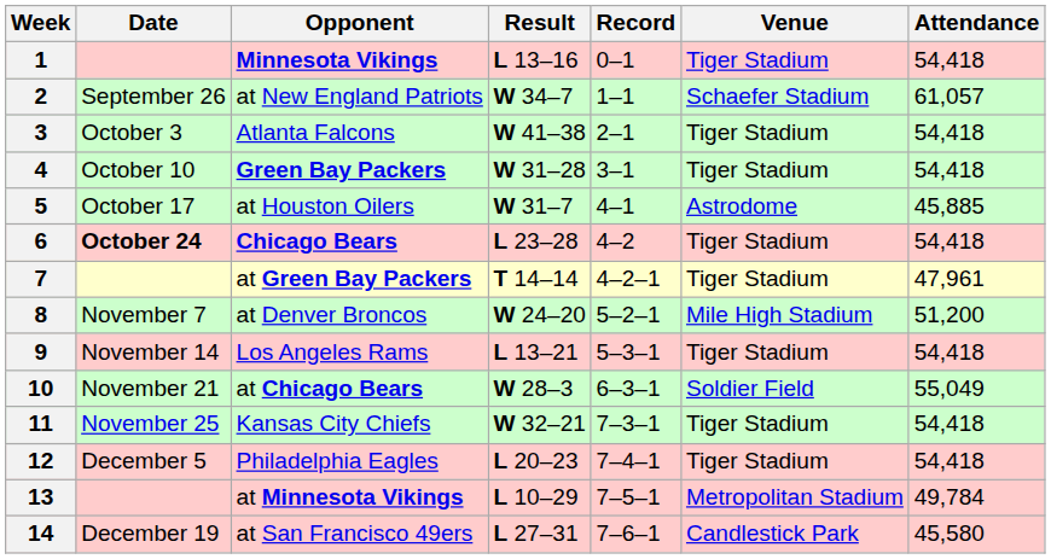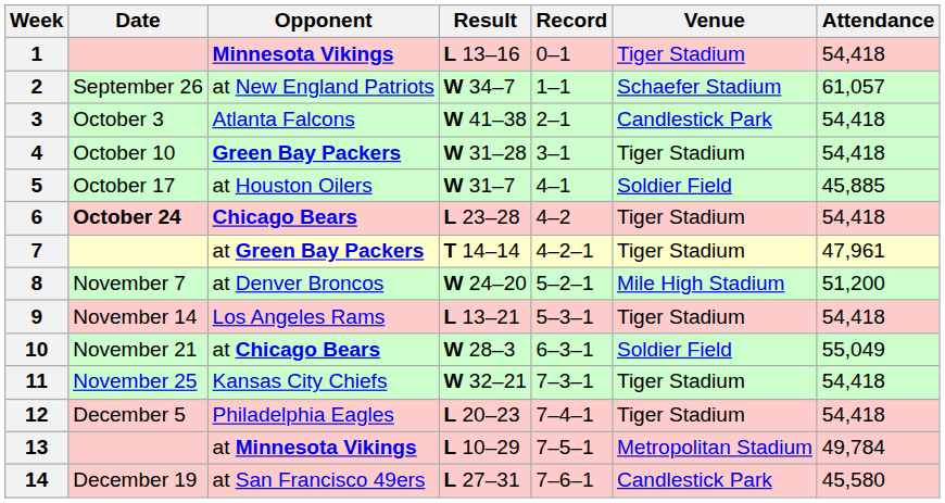 <table class="wikitable">
 <tr>
 <th>Week</th>
 <th>Date</th>
 <th>Opponent</th>
 <th>Result</th>
 <th>Record</th>
 <th>Venue</th>
 <th>Attendance</th>
 </tr>
 <tr style="background:#fcc">
 <th>1</th>
 <td></td>
 <td><strong><a href='#'>Minnesota Vikings</a></strong></td>
 <td><strong>L</strong> 13–16</td>
 <td>0–1</td>
 <td><a href='#'>Tiger Stadium</a></td>
 <td>54,418</td>
 </tr>
 <tr style="background:#cfc">
 <th>2</th>
 <td>September 26</td>
 <td>at <a href='#'>New England Patriots</a></td>
 <td><strong>W</strong> 34–7</td>
 <td>1–1</td>
 <td><a href='#'>Schaefer Stadium</a></td>
 <td>61,057</td>
 </tr>
 <tr style="background:#cfc">
 <th>3</th>
 <td>October 3</td>
 <td><a href='#'>Atlanta Falcons</a></td>
 <td><strong>W</strong> 41–38</td>
 <td>2–1</td>
-<td>Tiger Stadium</td>
+<td><a href='#'>Candlestick Park</a></td>
 <td>54,418</td>
 </tr>
 <tr style="background:#cfc">
 <th>4</th>
 <td>October 10</td>
 <td><strong><a href='#'>Green Bay Packers</a></strong></td>
 <td><strong>W</strong> 31–28</td>
 <td>3–1</td>
 <td>Tiger Stadium</td>
 <td>54,418</td>
 </tr>
 <tr style="background:#cfc">
 <th>5</th>
 <td>October 17</td>
 <td>at <a href='#'>Houston Oilers</a></td>
 <td><strong>W</strong> 31–7</td>
 <td>4–1</td>
-<td><a href='#'>Astrodome</a></td>
+<td><a href='#'>Soldier Field</a></td>
 <td>45,885</td>
 </tr>
 <tr style="background:#fcc">
 <th>6</th>
 <td><strong>October 24</strong></td>
 <td><strong><a href='#'>Chicago Bears</a></strong></td>
 <td><strong>L</strong> 23–28</td>
 <td>4–2</td>
 <td>Tiger Stadium</td>
 <td>54,418</td>
 </tr>
 <tr style="background:#ffc">
 <th>7</th>
 <td></td>
 <td>at <strong><a href='#'>Green Bay Packers</a></strong></td>
 <td><strong>T</strong> 14–14</td>
 <td>4–2–1</td>
 <td>Tiger Stadium</td>
 <td>47,961</td>
 </tr>
 <tr style="background:#cfc">
 <th>8</th>
 <td>November 7</td>
 <td>at <a href='#'>Denver Broncos</a></td>
 <td><strong>W</strong> 24–20</td>
 <td>5–2–1</td>
 <td><a href='#'>Mile High Stadium</a></td>
 <td>51,200</td>
 </tr>
 <tr style="background:#fcc">
 <th>9</th>
 <td>November 14</td>
 <td><a href='#'>Los Angeles Rams</a></td>
 <td><strong>L</strong> 13–21</td>
 <td>5–3–1</td>
 <td>Tiger Stadium</td>
 <td>54,418</td>
 </tr>
 <tr style="background:#cfc">
 <th>10</th>
 <td>November 21</td>
 <td>at <strong><a href='#'>Chicago Bears</a></strong></td>
 <td><strong>W</strong> 28–3</td>
 <td>6–3–1</td>
 <td><a href='#'>Soldier Field</a></td>
 <td>55,049</td>
 </tr>
 <tr style="background:#cfc">
 <th>11</th>
 <td><a href='#'>November 25</a></td>
 <td><a href='#'>Kansas City Chiefs</a></td>
 <td><strong>W</strong> 32–21</td>
 <td>7–3–1</td>
 <td>Tiger Stadium</td>
 <td>54,418</td>
 </tr>
 <tr style="background:#fcc">
 <th>12</th>
 <td>December 5</td>
 <td><a href='#'>Philadelphia Eagles</a></td>
 <td><strong>L</strong> 20–23</td>
 <td>7–4–1</td>
 <td>Tiger Stadium</td>
 <td>54,418</td>
 </tr>
 <tr style="background:#fcc">
 <th>13</th>
 <td></td>
 <td>at <strong><a href='#'>Minnesota Vikings</a></strong></td>
 <td><strong>L</strong> 10–29</td>
 <td>7–5–1</td>
 <td><a href='#'>Metropolitan Stadium</a></td>
 <td>49,784</td>
 </tr>
 <tr style="background:#fcc">
 <th>14</th>
 <td>December 19</td>
 <td>at <a href='#'>San Francisco 49ers</a></td>
 <td><strong>L</strong> 27–31</td>
 <td>7–6–1</td>
 <td><a href='#'>Candlestick Park</a></td>
 <td>45,580</td>
 </tr>
 </table>
